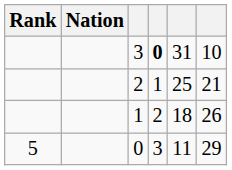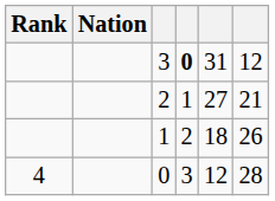 <table class="wikitable sortable" style="text-align: center;">
 <tr>
 <th>Rank</th>
 <th>Nation</th>
 <th></th>
 <th></th>
 <th></th>
 <th></th>
 </tr>
 <tr>
 <td></td>
 <td align=left></td>
 <td>3</td>
 <td><strong>0</strong></td>
 <td>31</td>
-<td>10</td>
+<td>12</td>
 </tr>
 <tr>
 <td></td>
 <td align=left></td>
 <td>2</td>
 <td>1</td>
-<td>25</td>
+<td>27</td>
 <td>21</td>
 </tr>
 <tr>
 <td></td>
 <td align=left></td>
 <td>1</td>
 <td>2</td>
 <td>18</td>
 <td>26</td>
 </tr>
 <tr>
-<td>5</td>
+<td>4</td>
 <td align=left></td>
 <td>0</td>
 <td>3</td>
-<td>11</td>
-<td>29</td>
+<td>12</td>
+<td>28</td>
 </tr>
 </table>
